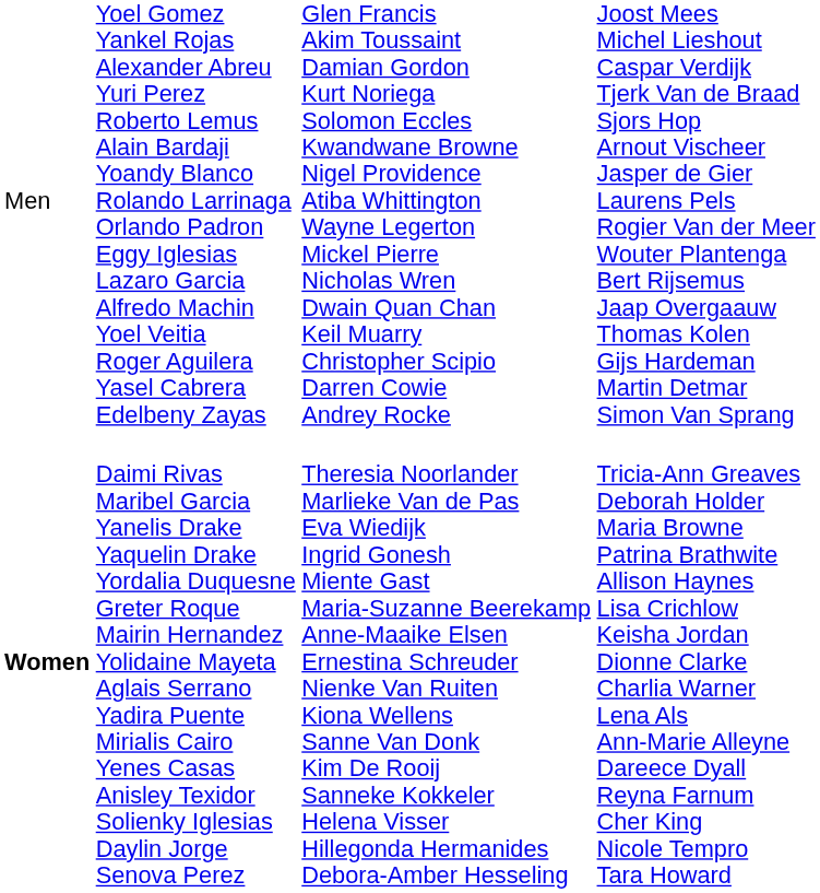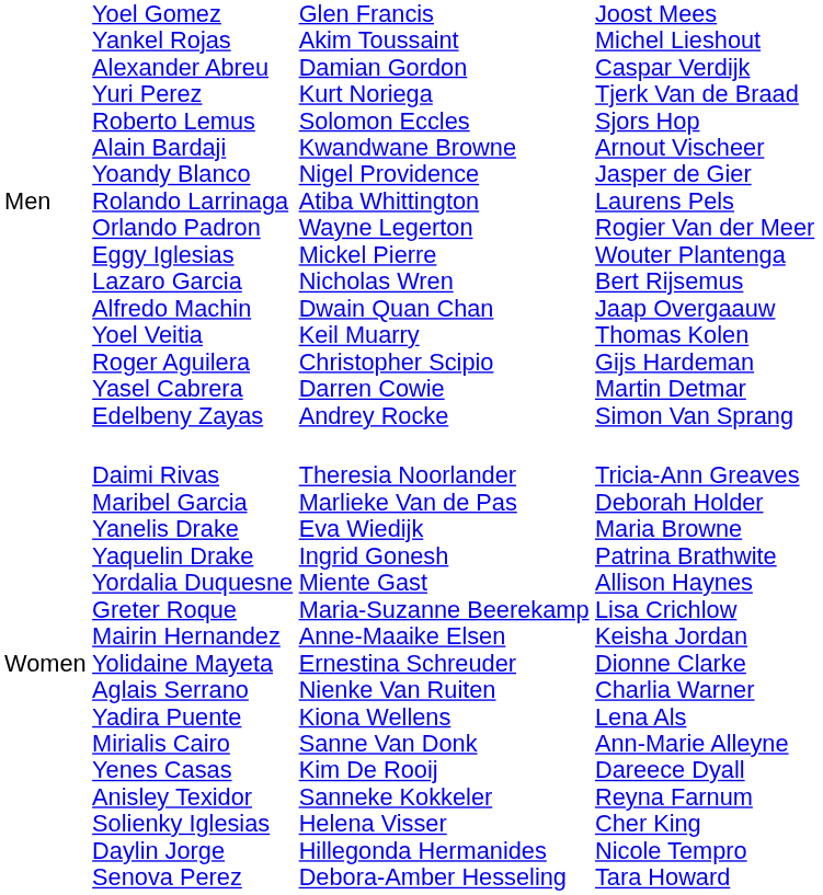 <table>
 <tr>
 <td>Men</td>
 <td><br><a href='#'>Yoel Gomez</a><br><a href='#'>Yankel Rojas</a><br><a href='#'>Alexander Abreu</a><br><a href='#'>Yuri Perez</a><br><a href='#'>Roberto Lemus</a><br><a href='#'>Alain Bardaji</a><br><a href='#'>Yoandy Blanco</a><br><a href='#'>Rolando Larrinaga</a><br><a href='#'>Orlando Padron</a><br><a href='#'>Eggy Iglesias</a><br><a href='#'>Lazaro Garcia</a><br><a href='#'>Alfredo Machin</a><br><a href='#'>Yoel Veitia</a><br><a href='#'>Roger Aguilera</a><br><a href='#'>Yasel Cabrera</a><br><a href='#'>Edelbeny Zayas</a></td>
 <td><br><a href='#'>Glen Francis</a><br><a href='#'>Akim Toussaint</a><br><a href='#'>Damian Gordon</a><br><a href='#'>Kurt Noriega</a><br><a href='#'>Solomon Eccles</a><br><a href='#'>Kwandwane Browne</a><br><a href='#'>Nigel Providence</a><br><a href='#'>Atiba Whittington</a><br><a href='#'>Wayne Legerton</a><br><a href='#'>Mickel Pierre</a><br><a href='#'>Nicholas Wren</a><br><a href='#'>Dwain Quan Chan</a><br><a href='#'>Keil Muarry</a><br><a href='#'>Christopher Scipio</a><br><a href='#'>Darren Cowie</a><br><a href='#'>Andrey Rocke</a></td>
 <td><br><a href='#'>Joost Mees</a><br><a href='#'>Michel Lieshout</a><br><a href='#'>Caspar Verdijk</a><br><a href='#'>Tjerk Van de Braad</a><br><a href='#'>Sjors Hop</a><br><a href='#'>Arnout Vischeer</a><br><a href='#'>Jasper de Gier</a><br><a href='#'>Laurens Pels</a><br><a href='#'>Rogier Van der Meer</a><br><a href='#'>Wouter Plantenga</a><br><a href='#'>Bert Rijsemus</a><br><a href='#'>Jaap Overgaauw</a><br><a href='#'>Thomas Kolen</a><br><a href='#'>Gijs Hardeman</a><br><a href='#'>Martin Detmar</a><br><a href='#'>Simon Van Sprang</a></td>
 </tr>
 <tr>
-<td><strong>Women</strong></td>
+<td>Women</td>
 <td><br><a href='#'>Daimi Rivas</a><br><a href='#'>Maribel Garcia</a><br><a href='#'>Yanelis Drake</a><br><a href='#'>Yaquelin Drake</a><br><a href='#'>Yordalia Duquesne</a><br><a href='#'>Greter Roque</a><br><a href='#'>Mairin Hernandez</a><br><a href='#'>Yolidaine Mayeta</a><br><a href='#'>Aglais Serrano</a><br><a href='#'>Yadira Puente</a><br><a href='#'>Mirialis Cairo</a><br><a href='#'>Yenes Casas</a><br><a href='#'>Anisley Texidor</a><br><a href='#'>Solienky Iglesias</a><br><a href='#'>Daylin Jorge</a><br><a href='#'>Senova Perez</a></td>
 <td><br><a href='#'>Theresia Noorlander</a><br><a href='#'>Marlieke Van de Pas</a><br><a href='#'>Eva Wiedijk</a><br><a href='#'>Ingrid Gonesh</a><br><a href='#'>Miente Gast</a><br><a href='#'>Maria-Suzanne Beerekamp</a><br><a href='#'>Anne-Maaike Elsen</a><br><a href='#'>Ernestina Schreuder</a><br><a href='#'>Nienke Van Ruiten</a><br><a href='#'>Kiona Wellens</a><br><a href='#'>Sanne Van Donk</a><br><a href='#'>Kim De Rooij</a><br><a href='#'>Sanneke Kokkeler</a><br><a href='#'>Helena Visser</a><br><a href='#'>Hillegonda Hermanides</a><br><a href='#'>Debora-Amber Hesseling</a></td>
 <td><br><a href='#'>Tricia-Ann Greaves</a><br><a href='#'>Deborah Holder</a><br><a href='#'>Maria Browne</a><br><a href='#'>Patrina Brathwite</a><br><a href='#'>Allison Haynes</a><br><a href='#'>Lisa Crichlow</a><br><a href='#'>Keisha Jordan</a><br><a href='#'>Dionne Clarke</a><br><a href='#'>Charlia Warner</a><br><a href='#'>Lena Als</a><br><a href='#'>Ann-Marie Alleyne</a><br><a href='#'>Dareece Dyall</a><br><a href='#'>Reyna Farnum</a><br><a href='#'>Cher King</a><br><a href='#'>Nicole Tempro</a><br><a href='#'>Tara Howard</a></td>
 </tr>
 </table>
